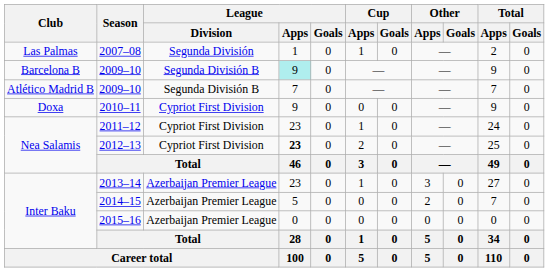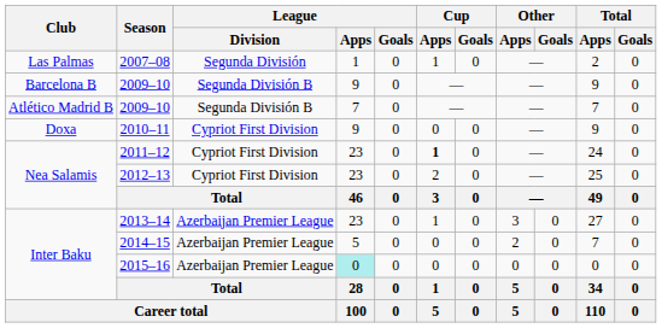 <table class="wikitable" style="text-align: center;">
 <tr>
 <th rowspan="2">Club</th>
 <th rowspan="2">Season</th>
 <th colspan="3">League</th>
 <th colspan="2">Cup</th>
 <th colspan="2">Other</th>
 <th colspan="2">Total</th>
 </tr>
 <tr>
 <th>Division</th>
 <th>Apps</th>
 <th>Goals</th>
 <th>Apps</th>
 <th>Goals</th>
 <th>Apps</th>
 <th>Goals</th>
 <th>Apps</th>
 <th>Goals</th>
 </tr>
 <tr>
 <td rowspan="1"><a href='#'>Las Palmas</a></td>
 <td><a href='#'>2007–08</a></td>
 <td><a href='#'>Segunda División</a></td>
 <td>1</td>
 <td>0</td>
 <td>1</td>
 <td>0</td>
 <td colspan="2">—</td>
 <td>2</td>
 <td>0</td>
 </tr>
 <tr>
 <td rowspan="1"><a href='#'>Barcelona B</a></td>
 <td><a href='#'>2009–10</a></td>
 <td><a href='#'>Segunda División B</a></td>
-<td style="background: paleturquoise;">9</td>
+<td>9</td>
 <td>0</td>
 <td colspan="2">—</td>
 <td colspan="2">—</td>
 <td>9</td>
 <td>0</td>
 </tr>
 <tr>
 <td rowspan="1"><a href='#'>Atlético Madrid B</a></td>
 <td><a href='#'>2009–10</a></td>
 <td>Segunda División B</td>
 <td>7</td>
 <td>0</td>
 <td colspan="2">—</td>
 <td colspan="2">—</td>
 <td>7</td>
 <td>0</td>
 </tr>
 <tr>
 <td rowspan="1"><a href='#'>Doxa</a></td>
 <td><a href='#'>2010–11</a></td>
 <td><a href='#'>Cypriot First Division</a></td>
 <td>9</td>
 <td>0</td>
 <td>0</td>
 <td>0</td>
 <td colspan="2">—</td>
 <td>9</td>
 <td>0</td>
 </tr>
 <tr>
 <td rowspan="3"><a href='#'>Nea Salamis</a></td>
 <td><a href='#'>2011–12</a></td>
 <td>Cypriot First Division</td>
 <td>23</td>
 <td>0</td>
-<td>1</td>
+<td><strong>1</strong></td>
 <td>0</td>
 <td colspan="2">—</td>
 <td>24</td>
 <td>0</td>
 </tr>
 <tr>
 <td><a href='#'>2012–13</a></td>
 <td>Cypriot First Division</td>
-<td><strong>23</strong></td>
+<td>23</td>
 <td>0</td>
 <td>2</td>
 <td>0</td>
 <td colspan="2">—</td>
 <td>25</td>
 <td>0</td>
 </tr>
 <tr>
 <th colspan="2">Total</th>
 <th>46</th>
 <th>0</th>
 <th>3</th>
 <th>0</th>
 <th colspan="2">—</th>
 <th>49</th>
 <th>0</th>
 </tr>
 <tr>
 <td rowspan="4"><a href='#'>Inter Baku</a></td>
 <td><a href='#'>2013–14</a></td>
 <td><a href='#'>Azerbaijan Premier League</a></td>
 <td>23</td>
 <td>0</td>
 <td>1</td>
 <td>0</td>
 <td>3</td>
 <td>0</td>
 <td>27</td>
 <td>0</td>
 </tr>
 <tr>
 <td><a href='#'>2014–15</a></td>
 <td>Azerbaijan Premier League</td>
 <td>5</td>
 <td>0</td>
 <td>0</td>
 <td>0</td>
 <td>2</td>
 <td>0</td>
 <td>7</td>
 <td>0</td>
 </tr>
 <tr>
 <td><a href='#'>2015–16</a></td>
 <td>Azerbaijan Premier League</td>
-<td>0</td>
+<td style="background: paleturquoise;">0</td>
 <td>0</td>
 <td>0</td>
 <td>0</td>
 <td>0</td>
 <td>0</td>
 <td>0</td>
 <td>0</td>
 </tr>
 <tr>
 <th colspan="2">Total</th>
 <th>28</th>
 <th>0</th>
 <th>1</th>
 <th>0</th>
 <th>5</th>
 <th>0</th>
 <th>34</th>
 <th>0</th>
 </tr>
 <tr>
 <th colspan="3">Career total</th>
 <th>100</th>
 <th>0</th>
 <th>5</th>
 <th>0</th>
 <th>5</th>
 <th>0</th>
 <th>110</th>
 <th>0</th>
 </tr>
 </table>
